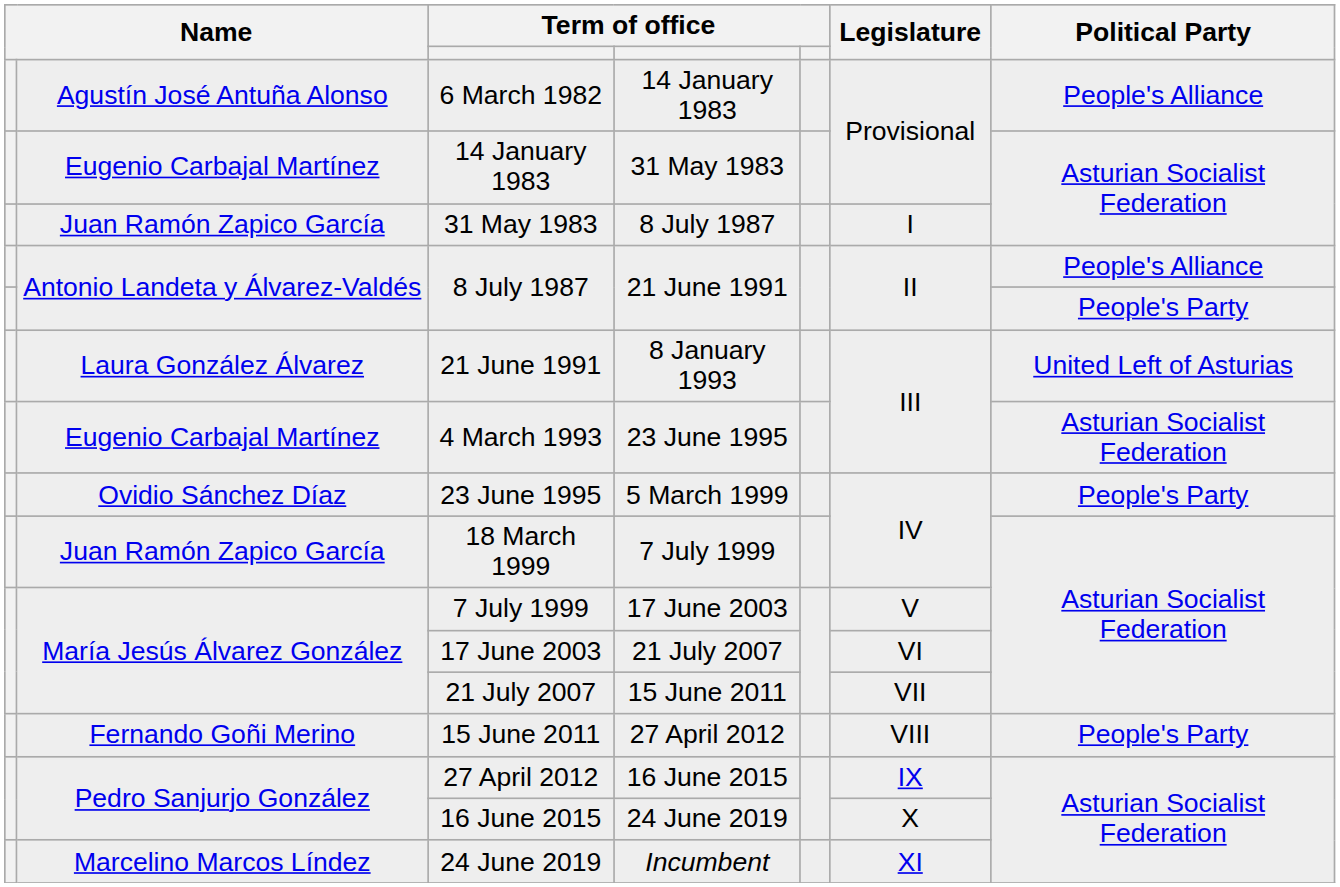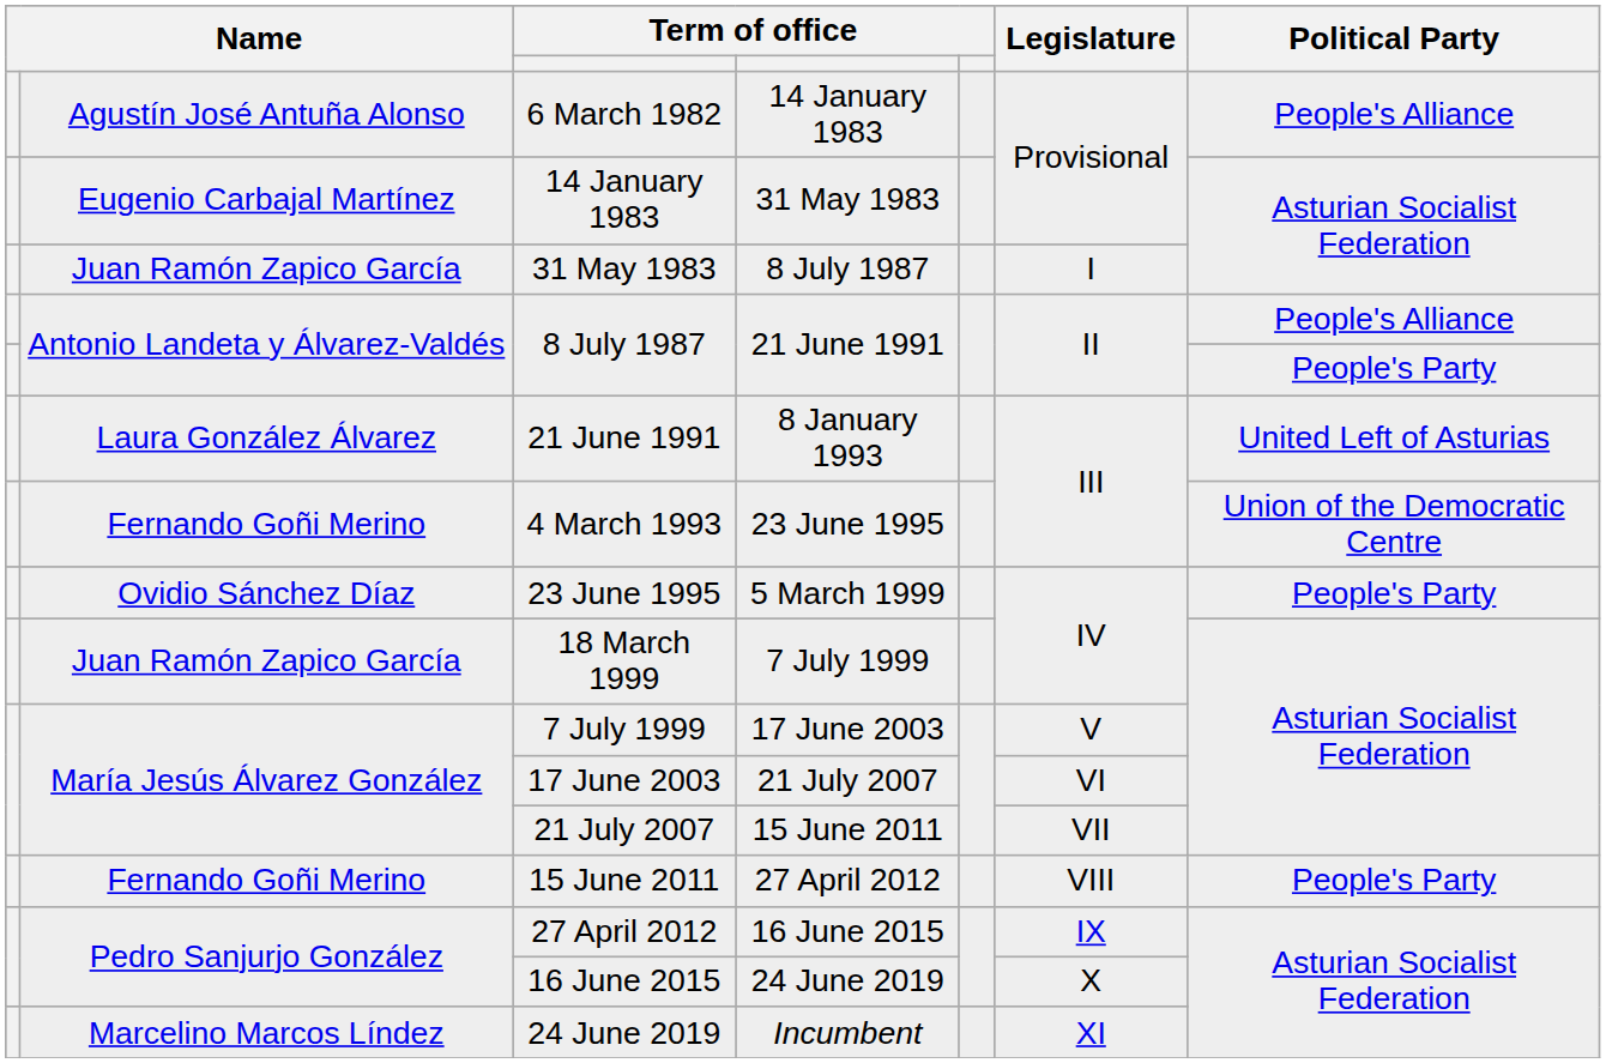 <table class="wikitable" style="text-align:center; border:1px #aaf solid;">
 <tr>
 <th rowspan="2" colspan="2">Name</th>
 <th colspan="3">Term of office</th>
 <th rowspan="2" width=90>Legislature<br> </th>
 <th rowspan="2" width=200>Political Party</th>
 </tr>
 <tr>
 <th width=105></th>
 <th width=105></th>
 <th width=10></th>
 </tr>
 <tr style="background:#eee;">
 <th style="background:"></th>
 <td><a href='#'>Agustín José Antuña Alonso</a></td>
 <td>6 March 1982</td>
 <td>14 January 1983</td>
 <td></td>
 <td rowspan=2>Provisional</td>
 <td><a href='#'>People's Alliance</a></td>
 </tr>
 <tr style="background:#eee;">
 <th style="background:"></th>
 <td><a href='#'>Eugenio Carbajal Martínez</a></td>
 <td>14 January 1983</td>
 <td>31 May 1983</td>
 <td></td>
 <td rowspan=2 ><a href='#'>Asturian Socialist Federation</a></td>
 </tr>
 <tr style="background:#eee;">
 <th style="background:"></th>
 <td><a href='#'>Juan Ramón Zapico García</a></td>
 <td>31 May 1983</td>
 <td>8 July 1987</td>
 <td></td>
 <td>I </td>
 </tr>
 <tr style="background:#eee;">
 <th style="background:"></th>
 <td rowspan=2><a href='#'>Antonio Landeta y Álvarez-Valdés</a></td>
 <td rowspan=2>8 July 1987</td>
 <td rowspan=2>21 June 1991</td>
 <td rowspan=2></td>
 <td rowspan=2>II </td>
 <td><a href='#'>People's Alliance</a></td>
 </tr>
 <tr style="background:#eee;">
 <th style="background:"></th>
 <td><a href='#'>People's Party</a></td>
 </tr>
 <tr style="background:#eee;">
 <th style="background:"></th>
 <td><a href='#'>Laura González Álvarez</a></td>
 <td>21 June 1991</td>
 <td>8 January 1993</td>
 <td></td>
 <td rowspan=2>III </td>
 <td><a href='#'>United Left of Asturias</a></td>
 </tr>
 <tr style="background:#eee;">
 <th style="background:"></th>
-<td><a href='#'>Eugenio Carbajal Martínez</a></td>
+<td><a href='#'>Fernando Goñi Merino</a></td>
 <td>4 March 1993</td>
 <td>23 June 1995</td>
 <td></td>
-<td><a href='#'>Asturian Socialist Federation</a></td>
+<td><a href='#'>Union of the Democratic Centre</a></td>
 </tr>
 <tr style="background:#eee;">
 <th style="background:"></th>
 <td><a href='#'>Ovidio Sánchez Díaz</a></td>
 <td>23 June 1995</td>
 <td>5 March 1999</td>
 <td></td>
 <td rowspan=2>IV </td>
 <td><a href='#'>People's Party</a></td>
 </tr>
 <tr style="background:#eee;">
 <th style="background:"></th>
 <td><a href='#'>Juan Ramón Zapico García</a></td>
 <td>18 March 1999</td>
 <td>7 July 1999</td>
 <td></td>
 <td rowspan=4 ><a href='#'>Asturian Socialist Federation</a></td>
 </tr>
 <tr style="background:#eee;">
 <th rowspan=3 style="background:"></th>
 <td rowspan=3><a href='#'>María Jesús Álvarez González</a></td>
 <td>7 July 1999</td>
 <td>17 June 2003</td>
 <td rowspan=3></td>
 <td>V </td>
 </tr>
 <tr style="background:#eee;">
 <td>17 June 2003</td>
 <td>21 July 2007</td>
 <td>VI </td>
 </tr>
 <tr style="background:#eee;">
 <td>21 July 2007</td>
 <td>15 June 2011</td>
 <td>VII </td>
 </tr>
 <tr style="background:#eee;">
 <th style="background:"></th>
 <td><a href='#'>Fernando Goñi Merino</a></td>
 <td>15 June 2011</td>
 <td>27 April 2012</td>
 <td></td>
 <td>VIII </td>
 <td><a href='#'>People's Party</a></td>
 </tr>
 <tr style="background:#eee;">
 <th rowspan=2 style="background:"></th>
 <td rowspan=2><a href='#'>Pedro Sanjurjo González</a></td>
 <td>27 April 2012</td>
 <td>16 June 2015</td>
 <td rowspan=2></td>
 <td><a href='#'>IX</a> </td>
 <td rowspan=3 ><a href='#'>Asturian Socialist Federation</a></td>
 </tr>
 <tr style="background:#eee;">
 <td>16 June 2015</td>
 <td>24 June 2019</td>
 <td>X </td>
 </tr>
 <tr style="background:#eee">
 <th style="background:"></th>
 <td><a href='#'>Marcelino Marcos Líndez</a></td>
 <td>24 June 2019</td>
 <td><em>Incumbent</em></td>
 <td></td>
 <td><a href='#'>XI</a> </td>
 </tr>
 </table>
